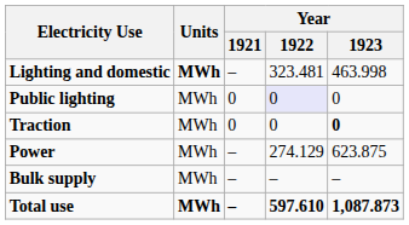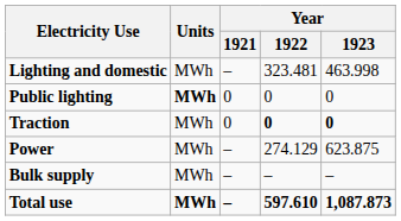 <table class="wikitable">
 <tr>
 <th rowspan="2">Electricity  Use</th>
 <th rowspan="2">Units</th>
 <th colspan="3">Year</th>
 </tr>
 <tr>
 <th>1921</th>
 <th>1922</th>
 <th>1923</th>
 </tr>
 <tr>
 <td><strong>Lighting  and domestic</strong></td>
-<td><strong>MWh</strong></td>
+<td>MWh</td>
 <td>–</td>
 <td>323.481</td>
 <td>463.998</td>
 </tr>
 <tr>
 <td><strong>Public  lighting</strong></td>
-<td>MWh</td>
+<td><strong>MWh</strong></td>
 <td>0</td>
-<td style="background: lavender;">0</td>
+<td>0</td>
 <td>0</td>
 </tr>
 <tr>
 <td><strong>Traction</strong></td>
 <td>MWh</td>
 <td>0</td>
-<td>0</td>
+<td><strong>0</strong></td>
 <td><strong>0</strong></td>
 </tr>
 <tr>
 <td><strong>Power</strong></td>
 <td>MWh</td>
 <td>–</td>
 <td>274.129</td>
 <td>623.875</td>
 </tr>
 <tr>
 <td><strong>Bulk  supply</strong></td>
 <td>MWh</td>
 <td>–</td>
 <td>–</td>
 <td>–</td>
 </tr>
 <tr>
 <td><strong>Total  use</strong></td>
 <td><strong>MWh</strong></td>
 <td><strong>–</strong></td>
 <td><strong>597.610</strong></td>
 <td><strong>1,087.873</strong></td>
 </tr>
 </table>
